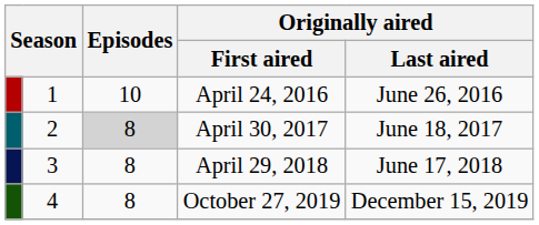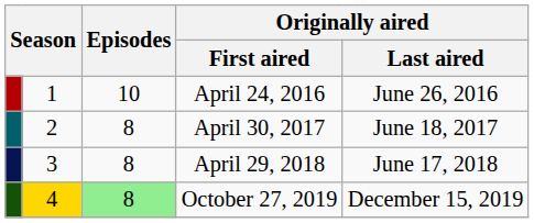 <table class="wikitable" style="text-align:center;">
 <tr>
 <th colspan="2" rowspan="2">Season</th>
 <th rowspan="2">Episodes</th>
 <th colspan="2">Originally aired</th>
 </tr>
 <tr>
 <th>First aired</th>
 <th>Last aired</th>
 </tr>
 <tr>
 <td style="width:5px;background:#B40000;"> </td>
 <td>1</td>
 <td>10</td>
 <td>April 24, 2016</td>
 <td>June 26, 2016</td>
 </tr>
 <tr>
 <td style="width:5px;background:#005F6C;"> </td>
 <td>2</td>
-<td style="background: lightgrey;">8</td>
+<td>8</td>
 <td>April 30, 2017</td>
 <td>June 18, 2017</td>
 </tr>
 <tr>
 <td style="width:5px;background:#061453;"> </td>
 <td>3</td>
 <td>8</td>
 <td>April 29, 2018</td>
 <td>June 17, 2018</td>
 </tr>
 <tr>
 <td style="width:5px;background:#145306;"> </td>
-<td>4</td>
-<td>8</td>
+<td style="background: gold;">4</td>
+<td style="background: lightgreen;">8</td>
 <td>October 27, 2019</td>
 <td>December 15, 2019</td>
 </tr>
 <tr>
 </tr>
 </table>
